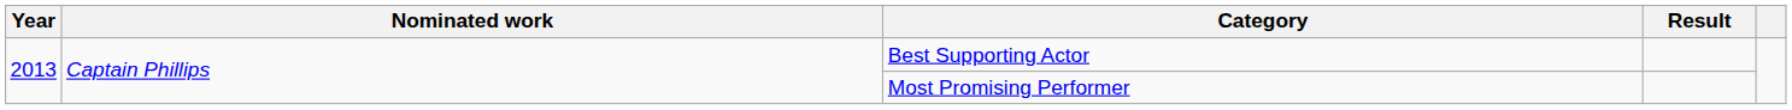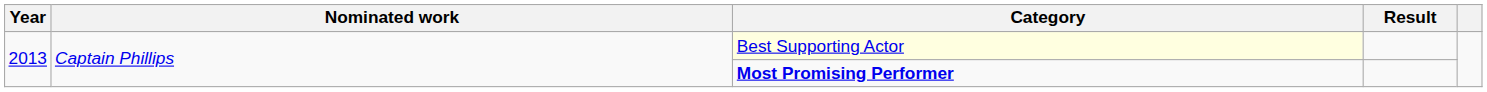 <table class=wikitable>
 <tr>
 <th scope="col" style="width:1em;">Year</th>
 <th scope="col" style="width:39em;">Nominated work</th>
 <th scope="col" style="width:36em;">Category</th>
 <th scope="col" style="width:5em;">Result</th>
 <th scope="col" style="width:1em;"></th>
 </tr>
 <tr>
 <td rowspan="2"><a href='#'>2013</a></td>
 <td rowspan="2"><em><a href='#'>Captain Phillips</a></em></td>
-<td><a href='#'>Best Supporting Actor</a></td>
+<td style="background: lightyellow;"><a href='#'>Best Supporting Actor</a></td>
 <td></td>
 <td rowspan="2"></td>
 </tr>
 <tr>
-<td><a href='#'>Most Promising Performer</a></td>
+<td><strong><a href='#'>Most Promising Performer</a></strong></td>
 <td></td>
 </tr>
 </table>
